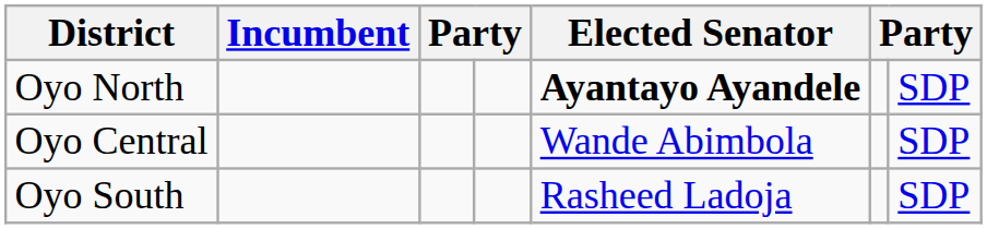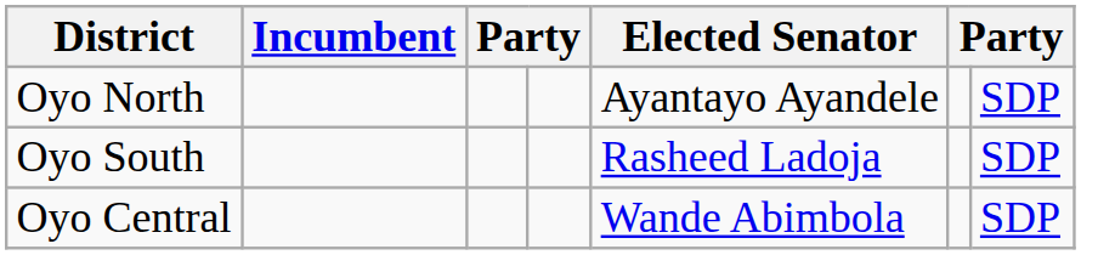 <table class="sortable wikitable" style="font-size:95%;line-height:14px;">
 <tr>
 <th class="unsortable">District</th>
 <th class="unsortable"><a href='#'>Incumbent</a></th>
 <th colspan="2">Party</th>
 <th class="unsortable">Elected Senator</th>
 <th colspan="2">Party</th>
 </tr>
 <tr>
 <td>Oyo North</td>
 <td></td>
 <td></td>
 <td></td>
-<td><strong>Ayantayo Ayandele</strong></td>
+<td>Ayantayo Ayandele</td>
+<td style="background:"></td>
+<td><a href='#'>SDP</a></td>
+</tr>
+<tr>
+<td>Oyo South</td>
+<td></td>
+<td></td>
+<td></td>
+<td><a href='#'>Rasheed Ladoja</a></td>
 <td style="background:"></td>
 <td><a href='#'>SDP</a></td>
 </tr>
 <tr>
 <td>Oyo Central</td>
 <td></td>
 <td></td>
 <td></td>
 <td><a href='#'>Wande Abimbola</a></td>
 <td style="background:"></td>
 <td><a href='#'>SDP</a></td>
 </tr>
-<tr>
-<td>Oyo South</td>
-<td></td>
-<td></td>
-<td></td>
-<td><a href='#'>Rasheed Ladoja</a></td>
-<td style="background:"></td>
-<td><a href='#'>SDP</a></td>
-</tr>
 </table>
